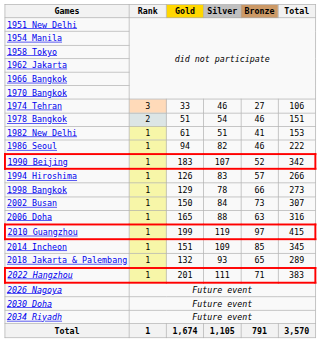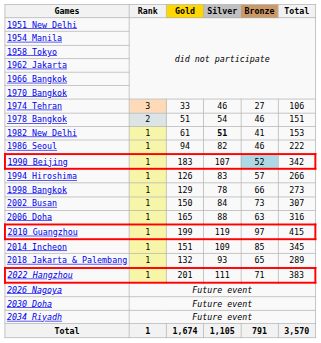 <table class="wikitable sortable" style="margin-top:0em; text-align:center; font-size:100%;">
 <tr>
 <th>Games</th>
 <th style="width:4em;">Rank</th>
 <th style="background:gold; width:4em;"><strong>Gold</strong></th>
 <th style="background:silver; width:4em;"><strong>Silver</strong></th>
 <th style="background:#cc9966; width:4em;"><strong>Bronze</strong></th>
 <th style="width:4em;">Total</th>
 </tr>
 <tr>
 <td align=left> <a href='#'>1951 New Delhi</a></td>
 <td colspan=5 rowspan="6"><em>did not participate</em></td>
 </tr>
 <tr>
 <td align=left> <a href='#'>1954 Manila</a></td>
 </tr>
 <tr>
 <td align=left> <a href='#'>1958 Tokyo</a></td>
 </tr>
 <tr>
 <td align=left> <a href='#'>1962 Jakarta</a></td>
 </tr>
 <tr>
 <td align=left> <a href='#'>1966 Bangkok</a></td>
 </tr>
 <tr>
 <td align=left> <a href='#'>1970 Bangkok</a></td>
 </tr>
 <tr>
 <td align=left> <a href='#'>1974 Tehran</a></td>
 <td bgcolor=ffdab9>3</td>
 <td>33</td>
 <td>46</td>
 <td>27</td>
 <td>106</td>
 </tr>
 <tr>
 <td align=left> <a href='#'>1978 Bangkok</a></td>
 <td bgcolor=dce5e5>2</td>
 <td>51</td>
 <td>54</td>
 <td>46</td>
 <td>151</td>
 </tr>
 <tr>
 <td align=left> <a href='#'>1982 New Delhi</a></td>
 <td bgcolor=f7f6a8>1</td>
 <td>61</td>
-<td>51</td>
+<td><strong>51</strong></td>
 <td>41</td>
 <td>153</td>
 </tr>
 <tr>
 <td align=left> <a href='#'>1986 Seoul</a></td>
 <td bgcolor=f7f6a8>1</td>
 <td>94</td>
 <td>82</td>
 <td>46</td>
 <td>222</td>
 </tr>
 <tr style="border: 3px solid red">
 <td align=left> <a href='#'>1990 Beijing</a></td>
 <td bgcolor=f7f6a8>1</td>
 <td>183</td>
 <td>107</td>
-<td>52</td>
+<td style="background: lightblue;">52</td>
 <td>342</td>
 </tr>
 <tr>
 <td align=left> <a href='#'>1994 Hiroshima</a></td>
 <td bgcolor=f7f6a8>1</td>
 <td>126</td>
 <td>83</td>
 <td>57</td>
 <td>266</td>
 </tr>
 <tr>
 <td align=left> <a href='#'>1998 Bangkok</a></td>
 <td bgcolor=f7f6a8>1</td>
 <td>129</td>
 <td>78</td>
 <td>66</td>
 <td>273</td>
 </tr>
 <tr>
 <td align=left> <a href='#'>2002 Busan</a></td>
 <td bgcolor=f7f6a8>1</td>
 <td>150</td>
 <td>84</td>
 <td>73</td>
 <td>307</td>
 </tr>
 <tr>
 <td align=left> <a href='#'>2006 Doha</a></td>
 <td bgcolor=f7f6a8>1</td>
 <td>165</td>
 <td>88</td>
 <td>63</td>
 <td>316</td>
 </tr>
 <tr style="border: 3px solid red">
 <td align=left> <a href='#'>2010 Guangzhou</a></td>
 <td bgcolor=f7f6a8>1</td>
 <td>199</td>
 <td>119</td>
 <td>97</td>
 <td>415</td>
 </tr>
 <tr>
 <td align=left> <a href='#'>2014 Incheon</a></td>
 <td bgcolor=f7f6a8>1</td>
 <td>151</td>
 <td>109</td>
 <td>85</td>
 <td>345</td>
 </tr>
 <tr>
 <td align=left> <a href='#'>2018 Jakarta & Palembang</a></td>
 <td bgcolor=f7f6a8>1</td>
 <td>132</td>
 <td>93</td>
 <td>65</td>
 <td>289</td>
 </tr>
 <tr style="border: 3px solid red">
 <td align=left> <em><a href='#'>2022 Hangzhou</a></em></td>
 <td bgcolor=f7f6a8>1</td>
 <td>201</td>
 <td>111</td>
 <td>71</td>
 <td>383</td>
 </tr>
 <tr>
 <td align=left> <em><a href='#'>2026 Nagoya</a></em></td>
 <td colspan=5><em>Future event</em></td>
 </tr>
 <tr>
 <td align=left> <em><a href='#'>2030 Doha</a></em></td>
 <td colspan=5><em>Future event</em></td>
 </tr>
 <tr>
 <td align=left> <em><a href='#'>2034 Riyadh</a></em></td>
 <td colspan=5><em>Future event</em></td>
 </tr>
 <tr>
 <th>Total</th>
 <th>1</th>
 <th>1,674</th>
 <th>1,105</th>
 <th>791</th>
 <th>3,570</th>
 </tr>
 </table>
